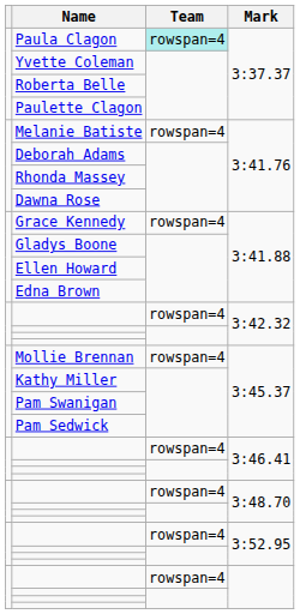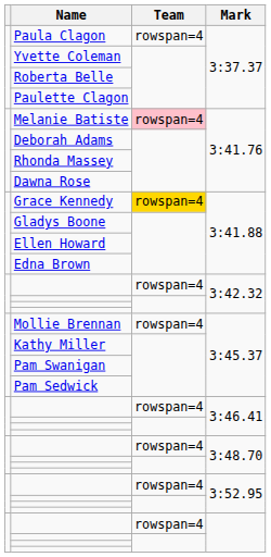 <table class=wikitable>
 <tr>
 <th></th>
 <th>Name</th>
 <th>Team</th>
 <th>Mark</th>
 </tr>
 <tr>
 <td rowspan=4></td>
 <td><a href='#'>Paula Clagon</a></td>
-<td style="background: paleturquoise;">rowspan=4 </td>
+<td>rowspan=4 </td>
 <td rowspan=4>3:37.37</td>
 </tr>
 <tr>
 <td><a href='#'>Yvette Coleman</a></td>
 </tr>
 <tr>
 <td><a href='#'>Roberta Belle</a></td>
 </tr>
 <tr>
 <td><a href='#'>Paulette Clagon</a></td>
 </tr>
 <tr>
 <td rowspan=4></td>
 <td><a href='#'>Melanie Batiste</a></td>
-<td>rowspan=4 </td>
+<td style="background: pink;">rowspan=4 </td>
 <td rowspan=4>3:41.76</td>
 </tr>
 <tr>
 <td><a href='#'>Deborah Adams</a></td>
 </tr>
 <tr>
 <td><a href='#'>Rhonda Massey</a></td>
 </tr>
 <tr>
 <td><a href='#'>Dawna Rose</a></td>
 </tr>
 <tr>
 <td rowspan=4></td>
 <td><a href='#'>Grace Kennedy</a></td>
-<td>rowspan=4 </td>
+<td style="background: gold;">rowspan=4 </td>
 <td rowspan=4>3:41.88</td>
 </tr>
 <tr>
 <td><a href='#'>Gladys Boone</a></td>
 </tr>
 <tr>
 <td><a href='#'>Ellen Howard</a></td>
 </tr>
 <tr>
 <td><a href='#'>Edna Brown</a></td>
 </tr>
 <tr>
 <td rowspan=4></td>
 <td></td>
 <td>rowspan=4 </td>
 <td rowspan=4>3:42.32</td>
 </tr>
 <tr>
 <td></td>
 </tr>
 <tr>
 <td></td>
 </tr>
 <tr>
 <td></td>
 </tr>
 <tr>
 <td rowspan=4></td>
 <td><a href='#'>Mollie Brennan</a></td>
 <td>rowspan=4 </td>
 <td rowspan=4>3:45.37</td>
 </tr>
 <tr>
 <td><a href='#'>Kathy Miller</a></td>
 </tr>
 <tr>
 <td><a href='#'>Pam Swanigan</a></td>
 </tr>
 <tr>
 <td><a href='#'>Pam Sedwick</a></td>
 </tr>
 <tr>
 <td rowspan=4></td>
 <td></td>
 <td>rowspan=4 </td>
 <td rowspan=4>3:46.41</td>
 </tr>
 <tr>
 <td></td>
 </tr>
 <tr>
 <td></td>
 </tr>
 <tr>
 <td></td>
 </tr>
 <tr>
 <td rowspan=4></td>
 <td></td>
 <td>rowspan=4 </td>
 <td rowspan=4>3:48.70</td>
 </tr>
 <tr>
 <td></td>
 </tr>
 <tr>
 <td></td>
 </tr>
 <tr>
 <td></td>
 </tr>
 <tr>
 <td rowspan=4></td>
 <td></td>
 <td>rowspan=4 </td>
 <td rowspan=4>3:52.95</td>
 </tr>
 <tr>
 <td></td>
 </tr>
 <tr>
 <td></td>
 </tr>
 <tr>
 <td></td>
 </tr>
 <tr>
 <td rowspan=4></td>
 <td></td>
 <td>rowspan=4 </td>
 <td rowspan=4></td>
 </tr>
 <tr>
 <td></td>
 </tr>
 <tr>
 <td></td>
 </tr>
 <tr>
 <td></td>
 </tr>
 </table>
